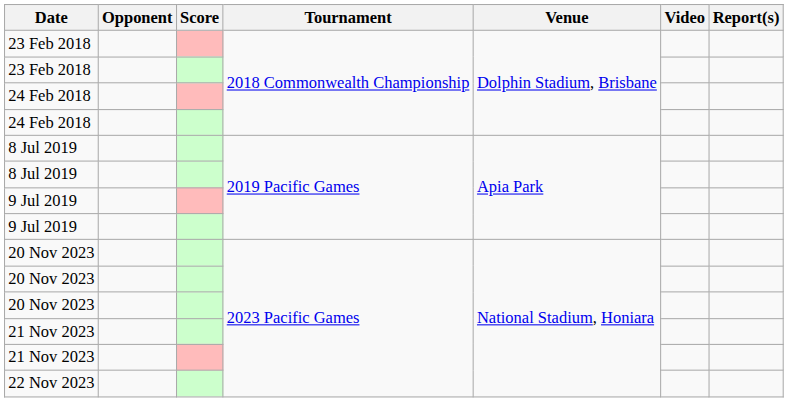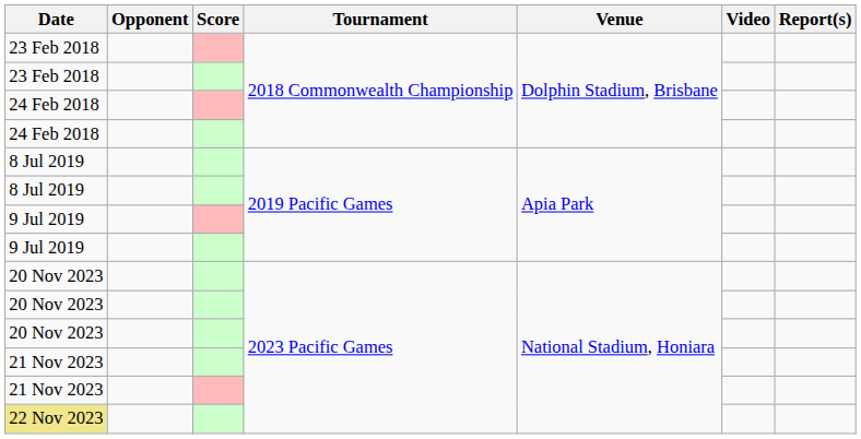 <table class=wikitable>
 <tr>
 <th>Date</th>
 <th>Opponent</th>
 <th>Score</th>
 <th>Tournament</th>
 <th>Venue</th>
 <th>Video</th>
 <th>Report(s)</th>
 </tr>
 <tr>
 <td>23 Feb 2018</td>
 <td></td>
 <td bgcolor="#FFBBBB"></td>
 <td rowspan=4><a href='#'>2018 Commonwealth Championship</a></td>
 <td rowspan=4> <a href='#'>Dolphin Stadium</a>, <a href='#'>Brisbane</a></td>
 <td align=center></td>
 <td align=center></td>
 </tr>
 <tr>
 <td>23 Feb 2018</td>
 <td></td>
 <td bgcolor="#CCFFCC"></td>
 <td align=center></td>
 <td align=center></td>
 </tr>
 <tr>
 <td>24 Feb 2018</td>
 <td></td>
 <td bgcolor="#FFBBBB"></td>
 <td align=center></td>
 <td align=center></td>
 </tr>
 <tr>
 <td>24 Feb 2018</td>
 <td></td>
 <td bgcolor="#CCFFCC"></td>
 <td align=center></td>
 <td align=center></td>
 </tr>
 <tr>
 <td>8 Jul 2019</td>
 <td></td>
 <td bgcolor="#CCFFCC"></td>
 <td rowspan=4><a href='#'>2019 Pacific Games</a></td>
 <td rowspan=4> <a href='#'>Apia Park</a></td>
 <td align=center></td>
 <td align=center></td>
 </tr>
 <tr>
 <td>8 Jul 2019</td>
 <td></td>
 <td bgcolor="#CCFFCC"></td>
 <td align=center></td>
 <td align=center></td>
 </tr>
 <tr>
 <td>9 Jul 2019</td>
 <td></td>
 <td bgcolor="#FFBBBB"></td>
 <td align=center></td>
 <td align=center></td>
 </tr>
 <tr>
 <td>9 Jul 2019</td>
 <td></td>
 <td bgcolor="#CCFFCC"></td>
 <td align=center></td>
 <td align=center></td>
 </tr>
 <tr>
 <td>20 Nov 2023</td>
 <td></td>
 <td bgcolor="#CCFFCC"></td>
 <td rowspan=6><a href='#'>2023 Pacific Games</a></td>
 <td rowspan=6> <a href='#'>National Stadium</a>, <a href='#'>Honiara</a></td>
 <td align=center></td>
 <td align=center></td>
 </tr>
 <tr>
 <td>20 Nov 2023</td>
 <td></td>
 <td bgcolor="#CCFFCC"></td>
 <td align=center></td>
 <td align=center></td>
 </tr>
 <tr>
 <td>20 Nov 2023</td>
 <td></td>
 <td bgcolor="#CCFFCC"></td>
 <td align=center></td>
 <td align=center></td>
 </tr>
 <tr>
 <td>21 Nov 2023</td>
 <td></td>
 <td bgcolor="#CCFFCC"></td>
 <td align=center></td>
 <td align=center></td>
 </tr>
 <tr>
 <td>21 Nov 2023</td>
 <td></td>
 <td bgcolor="#FFBBBB"></td>
 <td align=center></td>
 <td align=center></td>
 </tr>
 <tr>
-<td>22 Nov 2023</td>
+<td style="background: khaki;">22 Nov 2023</td>
 <td></td>
 <td bgcolor="#CCFFCC"></td>
 <td align=center></td>
 <td align=center></td>
 </tr>
 </table>
